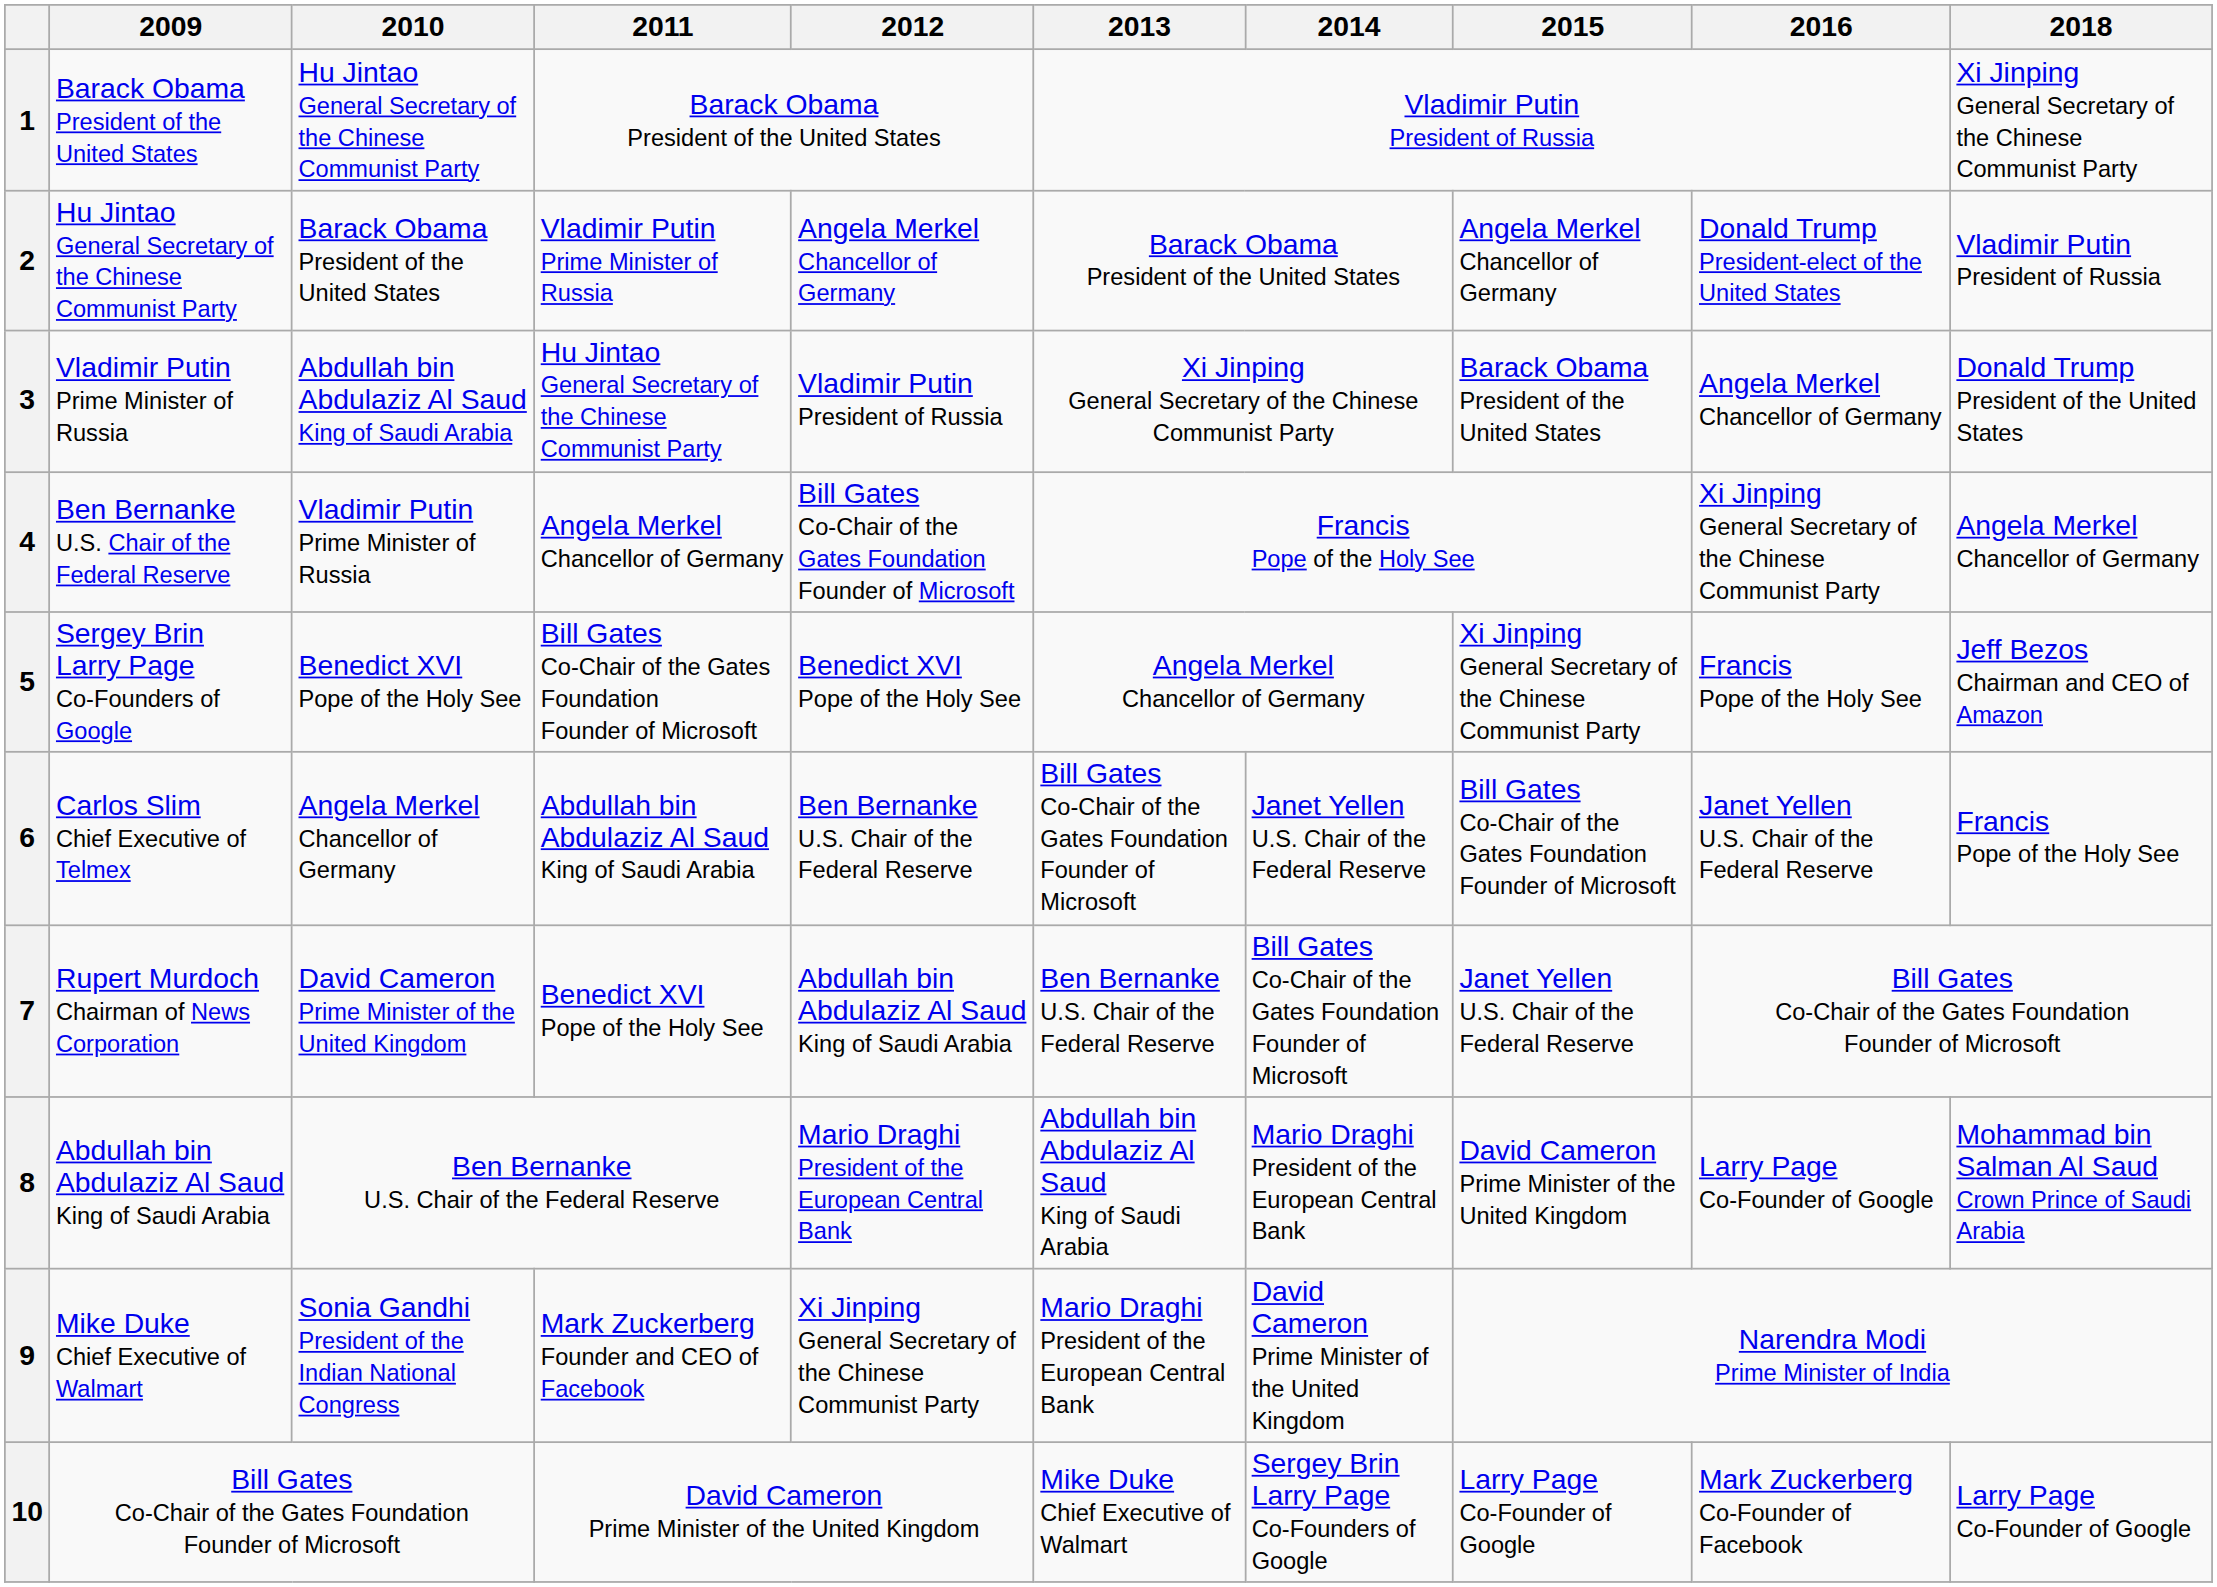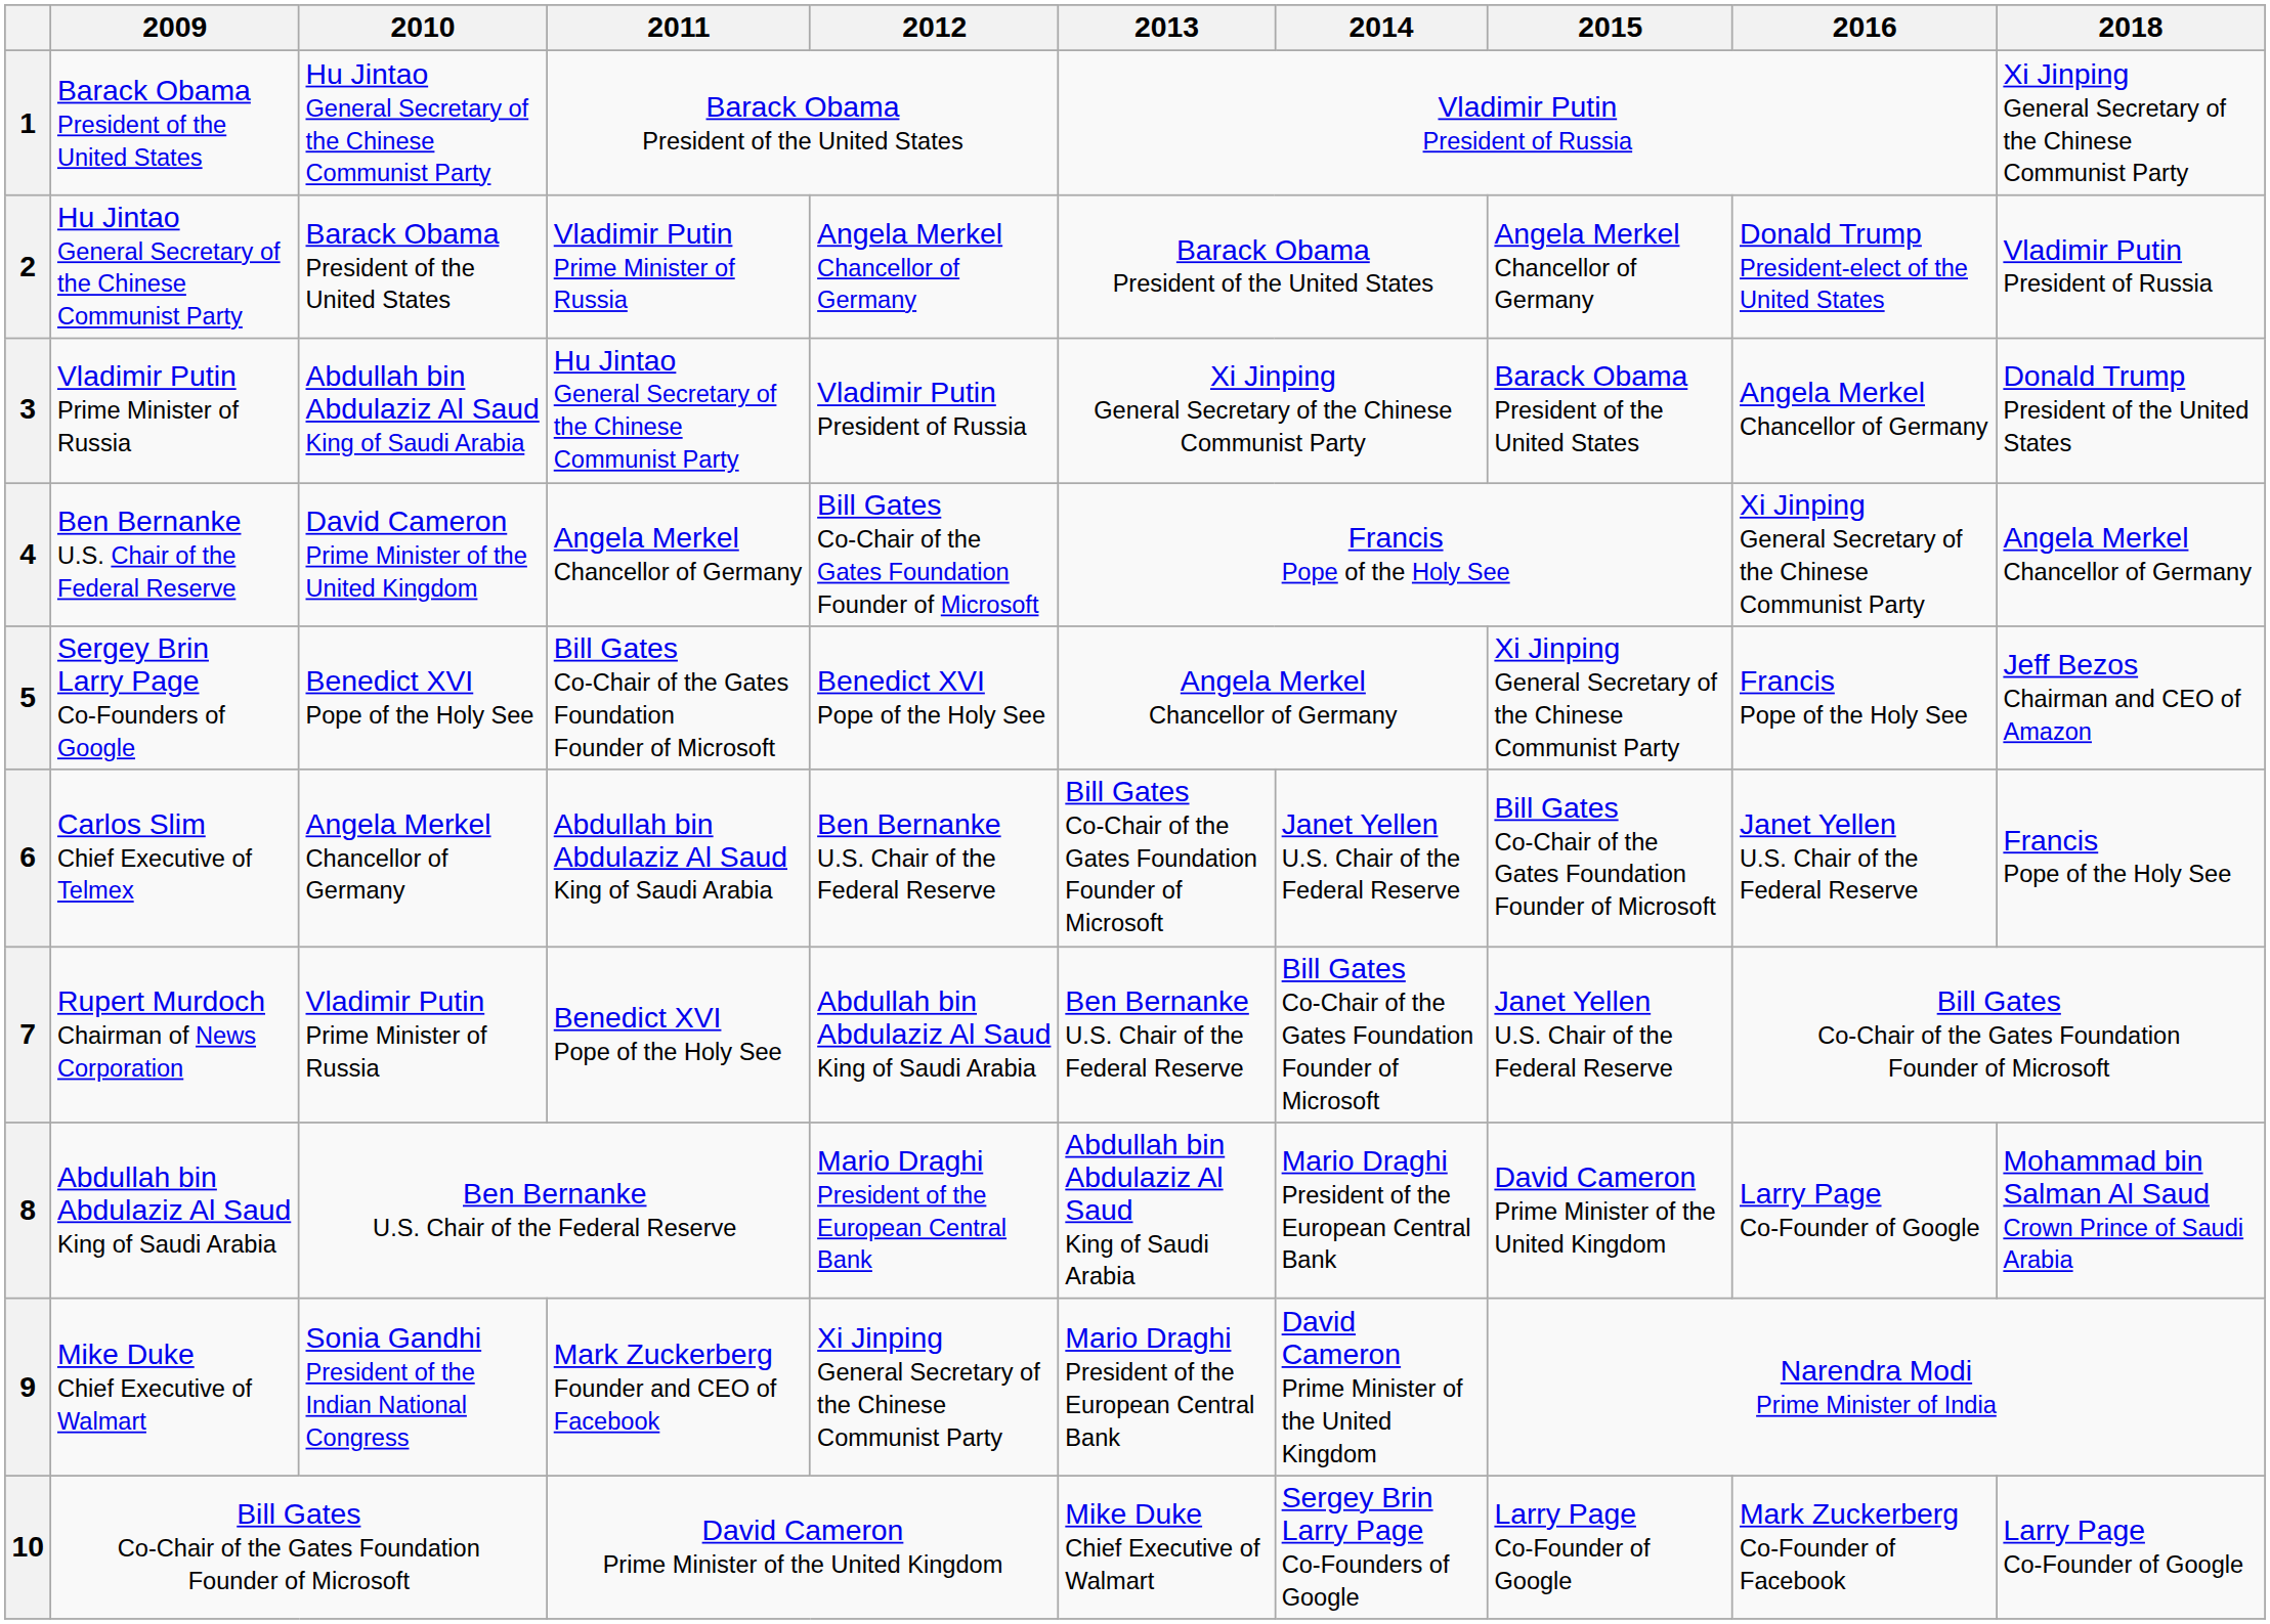 <table class="wikitable">
 <tr>
 <th></th>
 <th>2009</th>
 <th>2010</th>
 <th>2011</th>
 <th>2012</th>
 <th>2013</th>
 <th>2014</th>
 <th>2015</th>
 <th>2016</th>
 <th>2018</th>
 </tr>
 <tr>
 <th>1</th>
 <td> <a href='#'>Barack Obama</a><br><small><a href='#'>President of the United States</a></small></td>
 <td>  <a href='#'>Hu Jintao</a><br><small><a href='#'>General Secretary of the Chinese Communist Party</a></small></td>
 <td colspan="2" style="text-align:center">  <a href='#'>Barack Obama</a><br><small>President of the United States</small></td>
 <td colspan="4" style="text-align:center">  <a href='#'>Vladimir Putin</a><br><small><a href='#'>President of Russia</a></small></td>
 <td>  <a href='#'>Xi Jinping</a><br><small>General Secretary of the Chinese Communist Party</small></td>
 </tr>
 <tr>
 <th>2</th>
 <td> <a href='#'>Hu Jintao</a><br><small><a href='#'>General Secretary of the Chinese Communist Party</a></small></td>
 <td>  <a href='#'>Barack Obama</a><br><small>President of the United States</small></td>
 <td>  <a href='#'>Vladimir Putin</a><br><small><a href='#'>Prime Minister of Russia</a></small></td>
 <td>  <a href='#'>Angela Merkel</a><br><small><a href='#'>Chancellor of Germany</a></small></td>
 <td colspan="2" style="text-align:center">  <a href='#'>Barack Obama</a><br><small>President of the United States</small></td>
 <td>  <a href='#'>Angela Merkel</a><br><small>Chancellor of Germany</small></td>
 <td>  <a href='#'>Donald Trump</a><br><small><a href='#'>President-elect of the United States</a></small></td>
 <td>  <a href='#'>Vladimir Putin</a><br><small>President of Russia</small></td>
 </tr>
 <tr>
 <th>3</th>
 <td> <a href='#'>Vladimir Putin</a><br><small>Prime Minister of Russia</small></td>
 <td>  <a href='#'>Abdullah bin Abdulaziz Al Saud</a><br><small><a href='#'>King of Saudi Arabia</a></small></td>
 <td>  <a href='#'>Hu Jintao</a><br><small><a href='#'>General Secretary of the Chinese Communist Party</a></small></td>
 <td>  <a href='#'>Vladimir Putin</a><br><small>President of Russia</small></td>
 <td colspan="2" style="text-align:center">  <a href='#'>Xi Jinping</a><br><small>General Secretary of the Chinese Communist Party</small></td>
 <td>  <a href='#'>Barack Obama</a><br><small>President of the United States</small></td>
 <td>  <a href='#'>Angela Merkel</a><br><small>Chancellor of Germany</small></td>
 <td>  <a href='#'>Donald Trump</a><br><small>President of the United States</small></td>
 </tr>
 <tr>
 <th>4</th>
 <td> <a href='#'>Ben Bernanke</a><br><small>U.S. <a href='#'>Chair of the Federal Reserve</a></small></td>
-<td>  <a href='#'>Vladimir Putin</a><br><small>Prime Minister of Russia</small></td>
+<td>  <a href='#'>David Cameron</a><br><small><a href='#'>Prime Minister of the United Kingdom</a></small></td>
 <td>  <a href='#'>Angela Merkel</a><br><small>Chancellor of Germany</small></td>
 <td>  <a href='#'>Bill Gates</a><br><small>Co-Chair of the <a href='#'>Gates Foundation</a><br>Founder of <a href='#'>Microsoft</a></small></td>
 <td colspan="3" style="text-align:center">  <a href='#'>Francis</a><br><small><a href='#'>Pope</a> of the <a href='#'>Holy See</a></small></td>
 <td>  <a href='#'>Xi Jinping</a><br><small>General Secretary of the Chinese Communist Party</small></td>
 <td>  <a href='#'>Angela Merkel</a><br><small>Chancellor of Germany</small></td>
 </tr>
 <tr>
 <th>5</th>
 <td> <a href='#'>Sergey Brin</a><br> <a href='#'>Larry Page</a><br> <small>Co-Founders of <a href='#'>Google</a></small></td>
 <td>  <a href='#'>Benedict XVI</a><br><small>Pope of the Holy See</small></td>
 <td>  <a href='#'>Bill Gates</a><br><small>Co-Chair of the Gates Foundation<br>Founder of Microsoft</small></td>
 <td>  <a href='#'>Benedict XVI</a><br><small>Pope of the Holy See</small></td>
 <td colspan="2" style="text-align:center">  <a href='#'>Angela Merkel</a><br><small>Chancellor of Germany</small></td>
 <td>  <a href='#'>Xi Jinping</a><br><small>General Secretary of the Chinese Communist Party</small></td>
 <td>  <a href='#'>Francis</a><br><small>Pope of the Holy See</small></td>
 <td>  <a href='#'>Jeff Bezos</a><br><small>Chairman and CEO of <a href='#'>Amazon</a></small></td>
 </tr>
 <tr>
 <th>6</th>
 <td> <a href='#'>Carlos Slim</a><br><small>Chief Executive of <a href='#'>Telmex</a></small></td>
 <td>  <a href='#'>Angela Merkel</a><br><small>Chancellor of Germany</small></td>
 <td>  <a href='#'>Abdullah bin Abdulaziz Al Saud</a><br><small>King of Saudi Arabia</small></td>
 <td>  <a href='#'>Ben Bernanke</a><br><small>U.S. Chair of the Federal Reserve</small></td>
 <td>  <a href='#'>Bill Gates</a><br><small>Co-Chair of the Gates Foundation<br>Founder of Microsoft</small></td>
 <td>  <a href='#'>Janet Yellen</a><br><small>U.S. Chair of the Federal Reserve</small></td>
 <td>  <a href='#'>Bill Gates</a><br><small>Co-Chair of the Gates Foundation<br>Founder of Microsoft</small></td>
 <td>  <a href='#'>Janet Yellen</a><br><small>U.S. Chair of the Federal Reserve</small></td>
 <td>  <a href='#'>Francis</a><br><small>Pope of the Holy See</small></td>
 </tr>
 <tr>
 <th>7</th>
 <td> <a href='#'>Rupert Murdoch</a><br><small>Chairman of <a href='#'>News Corporation</a></small></td>
-<td>  <a href='#'>David Cameron</a><br><small><a href='#'>Prime Minister of the United Kingdom</a></small></td>
+<td>  <a href='#'>Vladimir Putin</a><br><small>Prime Minister of Russia</small></td>
 <td>  <a href='#'>Benedict XVI</a><br><small>Pope of the Holy See</small></td>
 <td>  <a href='#'>Abdullah bin Abdulaziz Al Saud</a><br><small>King of Saudi Arabia</small></td>
 <td>  <a href='#'>Ben Bernanke</a><br><small>U.S. Chair of the Federal Reserve</small></td>
 <td>  <a href='#'>Bill Gates</a><br><small>Co-Chair of the Gates Foundation<br>Founder of Microsoft</small></td>
 <td>  <a href='#'>Janet Yellen</a><br><small>U.S. Chair of the Federal Reserve</small></td>
 <td colspan="2" style="text-align:center">  <a href='#'>Bill Gates</a><br><small>Co-Chair of the Gates Foundation<br>Founder of Microsoft</small></td>
 </tr>
 <tr>
 <th>8</th>
 <td> <a href='#'>Abdullah bin Abdulaziz Al Saud</a><br><small>King of Saudi Arabia</small></td>
 <td colspan="2" style="text-align:center">  <a href='#'>Ben Bernanke</a><br><small>U.S. Chair of the Federal Reserve</small></td>
 <td>  <a href='#'>Mario Draghi</a><br><small><a href='#'>President of the European Central Bank</a></small></td>
 <td>  <a href='#'>Abdullah bin Abdulaziz Al Saud</a><br><small>King of Saudi Arabia</small></td>
 <td>  <a href='#'>Mario Draghi</a><br><small>President of the European Central Bank</small></td>
 <td>  <a href='#'>David Cameron</a><br><small>Prime Minister of the United Kingdom</small></td>
 <td>  <a href='#'>Larry Page</a><br><small>Co-Founder of Google</small></td>
 <td>  <a href='#'>Mohammad bin Salman Al Saud</a><br><small><a href='#'>Crown Prince of Saudi Arabia</a></small></td>
 </tr>
 <tr>
 <th>9</th>
 <td> <a href='#'>Mike Duke</a><br><small>Chief Executive of <a href='#'>Walmart</a></small></td>
 <td>  <a href='#'>Sonia Gandhi</a><br><small><a href='#'>President of the Indian National Congress</a></small></td>
 <td>  <a href='#'>Mark Zuckerberg</a><br><small>Founder and CEO of <a href='#'>Facebook</a></small></td>
 <td>  <a href='#'>Xi Jinping</a><br><small>General Secretary of the Chinese Communist Party</small></td>
 <td>  <a href='#'>Mario Draghi</a><br><small>President of the European Central Bank</small></td>
 <td>  <a href='#'>David Cameron</a><br><small>Prime Minister of the United Kingdom</small></td>
 <td colspan="3" style="text-align:center">  <a href='#'>Narendra Modi</a><br><small><a href='#'>Prime Minister of India</a></small></td>
 </tr>
 <tr>
 <th>10</th>
 <td colspan="2" style="text-align:center"> <a href='#'>Bill Gates</a><br><small>Co-Chair of the Gates Foundation<br>Founder of Microsoft</small></td>
 <td colspan="2" style="text-align:center">  <a href='#'>David Cameron</a><br><small>Prime Minister of the United Kingdom</small></td>
 <td>  <a href='#'>Mike Duke</a><br><small>Chief Executive of Walmart</small></td>
 <td>  <a href='#'>Sergey Brin</a><br>  <a href='#'>Larry Page</a><br> <small>Co-Founders of Google</small></td>
 <td>  <a href='#'>Larry Page</a><br><small>Co-Founder of Google</small></td>
 <td>  <a href='#'>Mark Zuckerberg</a><br><small>Co-Founder of Facebook</small></td>
 <td>  <a href='#'>Larry Page</a><br><small>Co-Founder of Google</small></td>
 </tr>
 </table>
